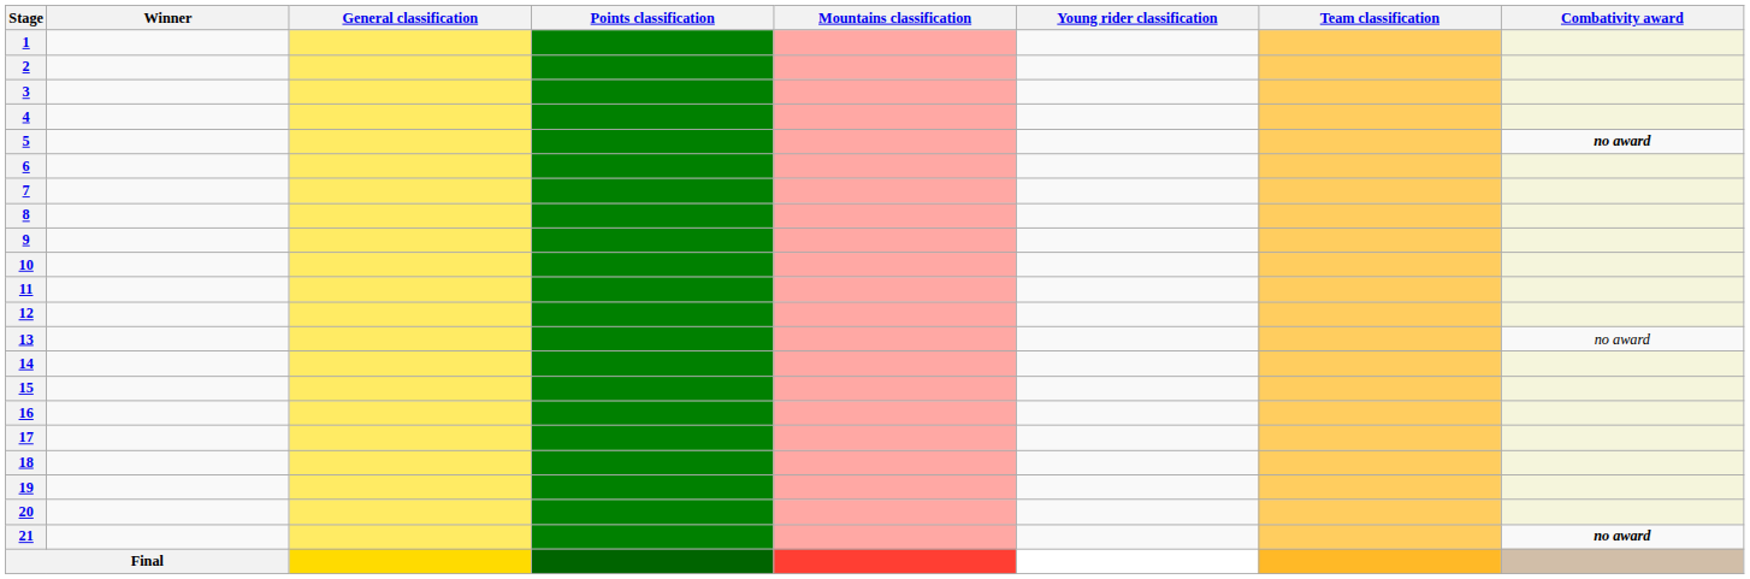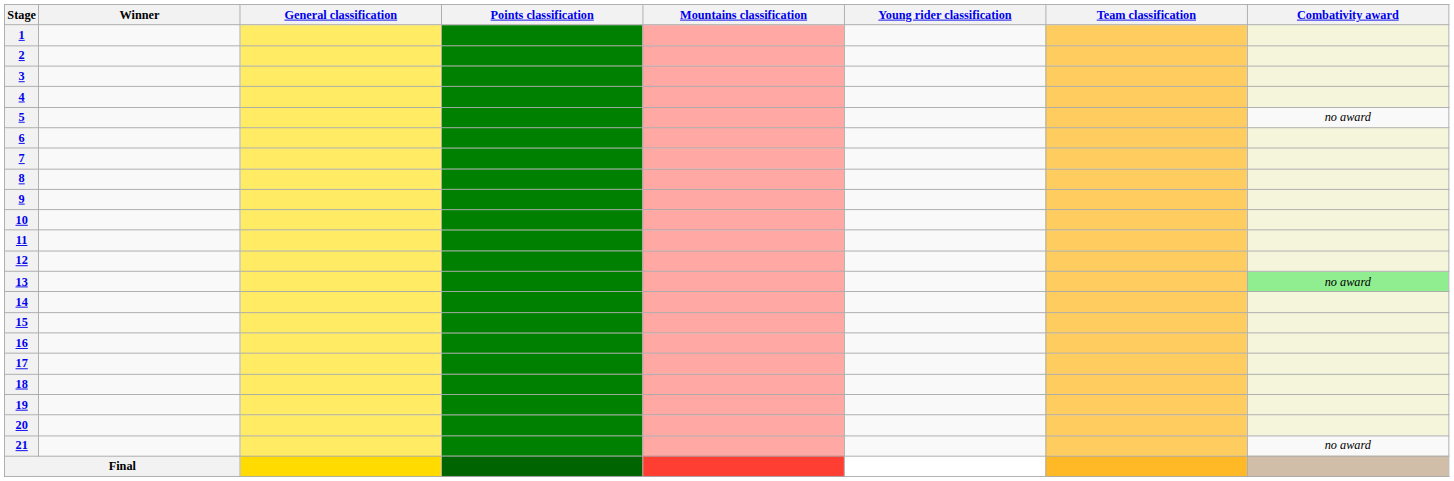 <table class="wikitable" style="text-align: center; font-size:smaller;">
 <tr>
 <th scope="col" style="width:1%;">Stage</th>
 <th scope="col" style="width:14%;">Winner</th>
 <th scope="col" style="width:14%;"><a href='#'>General classification</a><br></th>
 <th scope="col" style="width:14%;"><a href='#'>Points classification</a><br></th>
 <th scope="col" style="width:14%;"><a href='#'>Mountains classification</a><br></th>
 <th scope="col" style="width:14%;"><a href='#'>Young rider classification</a><br></th>
 <th scope="col" style="width:14%;"><a href='#'>Team classification</a><br></th>
 <th scope="col" style="width:14%;"><a href='#'>Combativity award</a><br></th>
 </tr>
 <tr>
 <th><a href='#'>1</a></th>
 <td></td>
 <td style="background:#FFEB64;"></td>
 <td style="background:#008000;"></td>
 <td style="background:#FFA8A4;"></td>
 <td style="background:offwhite;"></td>
 <td style="background:#FFCD5F;"></td>
 <td style="background:#F5F5DC;"></td>
 </tr>
 <tr>
 <th><a href='#'>2</a></th>
 <td></td>
 <td style="background:#FFEB64;"></td>
 <td style="background:#008000;"></td>
 <td style="background:#FFA8A4;"></td>
 <td style="background:offwhite;"></td>
 <td style="background:#FFCD5F;"></td>
 <td style="background:#F5F5DC;"></td>
 </tr>
 <tr>
 <th><a href='#'>3</a></th>
 <td></td>
 <td style="background:#FFEB64;"></td>
 <td style="background:#008000;"></td>
 <td style="background:#FFA8A4;"></td>
 <td style="background:offwhite;"></td>
 <td style="background:#FFCD5F;"></td>
 <td style="background:#F5F5DC;"></td>
 </tr>
 <tr>
 <th><a href='#'>4</a></th>
 <td></td>
 <td style="background:#FFEB64;"></td>
 <td style="background:#008000;"></td>
 <td style="background:#FFA8A4;"></td>
 <td style="background:offwhite;"></td>
 <td style="background:#FFCD5F;"></td>
 <td style="background:#F5F5DC;"></td>
 </tr>
 <tr>
 <th><a href='#'>5</a></th>
 <td></td>
 <td style="background:#FFEB64;"></td>
 <td style="background:#008000;"></td>
 <td style="background:#FFA8A4;"></td>
 <td style="background:offwhite;"></td>
 <td style="background:#FFCD5F;"></td>
-<td><strong><em>no award</em></strong></td>
+<td><em>no award</em></td>
 </tr>
 <tr>
 <th><a href='#'>6</a></th>
 <td></td>
 <td style="background:#FFEB64;"></td>
 <td style="background:#008000;"></td>
 <td style="background:#FFA8A4;"></td>
 <td style="background:offwhite;"></td>
 <td style="background:#FFCD5F;"></td>
 <td style="background:#F5F5DC;"></td>
 </tr>
 <tr>
 <th><a href='#'>7</a></th>
 <td></td>
 <td style="background:#FFEB64;"></td>
 <td style="background:#008000;"></td>
 <td style="background:#FFA8A4;"></td>
 <td style="background:offwhite;"></td>
 <td style="background:#FFCD5F;"></td>
 <td style="background:#F5F5DC;"></td>
 </tr>
 <tr>
 <th><a href='#'>8</a></th>
 <td></td>
 <td style="background:#FFEB64;"></td>
 <td style="background:#008000;"></td>
 <td style="background:#FFA8A4;"></td>
 <td style="background:offwhite;"></td>
 <td style="background:#FFCD5F;"></td>
 <td style="background:#F5F5DC;"></td>
 </tr>
 <tr>
 <th><a href='#'>9</a></th>
 <td></td>
 <td style="background:#FFEB64;"></td>
 <td style="background:#008000;"></td>
 <td style="background:#FFA8A4;"></td>
 <td style="background:offwhite;"></td>
 <td style="background:#FFCD5F;"></td>
 <td style="background:#F5F5DC;"></td>
 </tr>
 <tr>
 <th><a href='#'>10</a></th>
 <td></td>
 <td style="background:#FFEB64;"></td>
 <td style="background:#008000;"></td>
 <td style="background:#FFA8A4;"></td>
 <td style="background:offwhite;"></td>
 <td style="background:#FFCD5F;"></td>
 <td style="background:#F5F5DC;"></td>
 </tr>
 <tr>
 <th><a href='#'>11</a></th>
 <td></td>
 <td style="background:#FFEB64;"></td>
 <td style="background:#008000;"></td>
 <td style="background:#FFA8A4;"></td>
 <td style="background:offwhite;"></td>
 <td style="background:#FFCD5F;"></td>
 <td style="background:#F5F5DC;"></td>
 </tr>
 <tr>
 <th><a href='#'>12</a></th>
 <td></td>
 <td style="background:#FFEB64;"></td>
 <td style="background:#008000;"></td>
 <td style="background:#FFA8A4;"></td>
 <td style="background:offwhite;"></td>
 <td style="background:#FFCD5F;"></td>
 <td style="background:#F5F5DC;"></td>
 </tr>
 <tr>
 <th><a href='#'>13</a></th>
 <td></td>
 <td style="background:#FFEB64;"></td>
 <td style="background:#008000;"></td>
 <td style="background:#FFA8A4;"></td>
 <td style="background:offwhite;"></td>
 <td style="background:#FFCD5F;"></td>
-<td><em>no award</em></td>
+<td style="background: lightgreen;"><em>no award</em></td>
 </tr>
 <tr>
 <th><a href='#'>14</a></th>
 <td></td>
 <td style="background:#FFEB64;"></td>
 <td style="background:#008000;"></td>
 <td style="background:#FFA8A4;"></td>
 <td style="background:offwhite;"></td>
 <td style="background:#FFCD5F;"></td>
 <td style="background:#F5F5DC;"></td>
 </tr>
 <tr>
 <th><a href='#'>15</a></th>
 <td></td>
 <td style="background:#FFEB64;"></td>
 <td style="background:#008000;"></td>
 <td style="background:#FFA8A4;"></td>
 <td style="background:offwhite;"></td>
 <td style="background:#FFCD5F;"></td>
 <td style="background:#F5F5DC;"></td>
 </tr>
 <tr>
 <th><a href='#'>16</a></th>
 <td></td>
 <td style="background:#FFEB64;"></td>
 <td style="background:#008000;"></td>
 <td style="background:#FFA8A4;"></td>
 <td style="background:offwhite;"></td>
 <td style="background:#FFCD5F;"></td>
 <td style="background:#F5F5DC;"></td>
 </tr>
 <tr>
 <th><a href='#'>17</a></th>
 <td></td>
 <td style="background:#FFEB64;"></td>
 <td style="background:#008000;"></td>
 <td style="background:#FFA8A4;"></td>
 <td style="background:offwhite;"></td>
 <td style="background:#FFCD5F;"></td>
 <td style="background:#F5F5DC;"></td>
 </tr>
 <tr>
 <th><a href='#'>18</a></th>
 <td></td>
 <td style="background:#FFEB64;"></td>
 <td style="background:#008000;"></td>
 <td style="background:#FFA8A4;"></td>
 <td style="background:offwhite;"></td>
 <td style="background:#FFCD5F;"></td>
 <td style="background:#F5F5DC;"></td>
 </tr>
 <tr>
 <th><a href='#'>19</a></th>
 <td></td>
 <td style="background:#FFEB64;"></td>
 <td style="background:#008000;"></td>
 <td style="background:#FFA8A4;"></td>
 <td style="background:offwhite;"></td>
 <td style="background:#FFCD5F;"></td>
 <td style="background:#F5F5DC;"></td>
 </tr>
 <tr>
 <th><a href='#'>20</a></th>
 <td></td>
 <td style="background:#FFEB64;"></td>
 <td style="background:#008000;"></td>
 <td style="background:#FFA8A4;"></td>
 <td style="background:offwhite;"></td>
 <td style="background:#FFCD5F;"></td>
 <td style="background:#F5F5DC;"></td>
 </tr>
 <tr>
 <th><a href='#'>21</a></th>
 <td></td>
 <td style="background:#FFEB64;"></td>
 <td style="background:#008000;"></td>
 <td style="background:#FFA8A4;"></td>
 <td style="background:offwhite;"></td>
 <td style="background:#FFCD5F;"></td>
-<td><strong><em>no award</em></strong></td>
+<td><em>no award</em></td>
 </tr>
 <tr>
 <th colspan="2">Final</th>
 <th style="background:#FFDB00;"></th>
 <th style="background:#006400;"></th>
 <th style="background:#FF3E33;"></th>
 <th style="background:white;"></th>
 <th style="background:#FFB927;"></th>
 <th style="background:#D1BEA8;"></th>
 </tr>
 </table>
